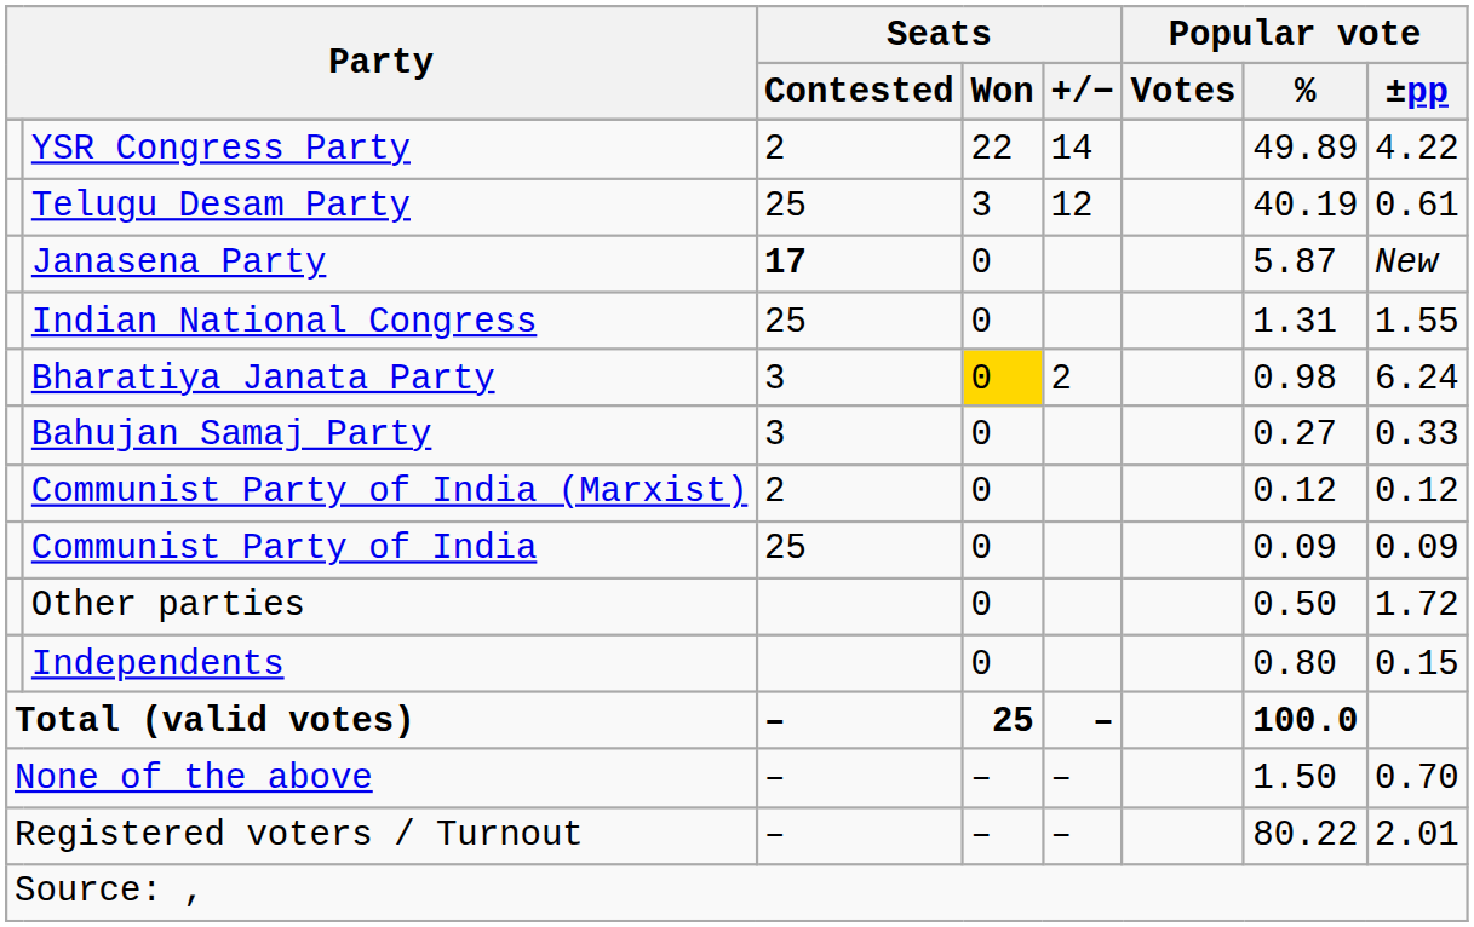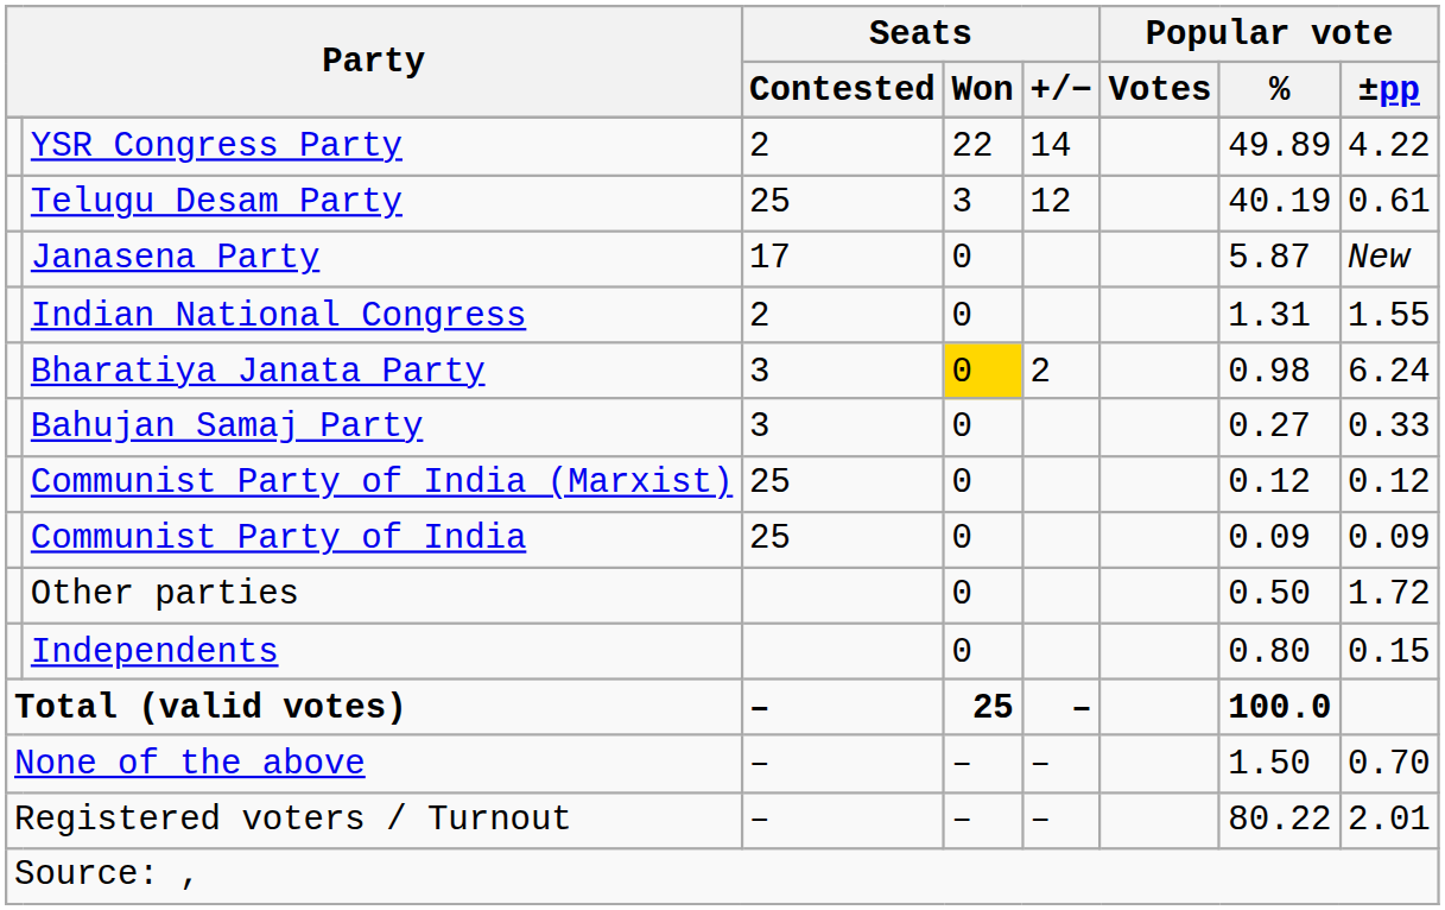 <table class="wikitable">
 <tr>
 <th colspan=2 rowspan="2">Party</th>
 <th colspan="3">Seats</th>
 <th colspan="3">Popular vote</th>
 </tr>
 <tr>
 <th>Contested</th>
 <th>Won</th>
 <th><strong>+/−</strong></th>
 <th>Votes</th>
 <th>%</th>
 <th>±<a href='#'>pp</a></th>
 </tr>
 <tr>
 </tr>
 <tr>
 <td style="background-color:"></td>
 <td style="text-align:left;"><a href='#'>YSR Congress Party</a></td>
 <td>2</td>
 <td>22</td>
 <td>14</td>
 <td></td>
 <td>49.89</td>
 <td>4.22</td>
 </tr>
 <tr>
 <td style="background-color:"></td>
 <td style="text-align:left;"><a href='#'>Telugu Desam Party</a></td>
 <td>25</td>
 <td>3</td>
 <td>12</td>
 <td></td>
 <td>40.19</td>
 <td>0.61</td>
 </tr>
 <tr>
 <td style="background-color:"></td>
 <td style="text-align:left;"><a href='#'>Janasena Party</a></td>
-<td><strong>17</strong></td>
+<td>17</td>
 <td>0</td>
 <td></td>
 <td></td>
 <td>5.87</td>
 <td><em>New</em></td>
 </tr>
 <tr>
 <td style="background-color:"></td>
 <td style="text-align:left;"><a href='#'>Indian National Congress</a></td>
-<td>25</td>
+<td>2</td>
 <td>0</td>
 <td></td>
 <td></td>
 <td>1.31</td>
 <td>1.55</td>
 </tr>
 <tr>
 <td style="background-color:"></td>
 <td style="text-align:left;"><a href='#'>Bharatiya Janata Party</a></td>
 <td>3</td>
 <td style="background: gold;">0</td>
 <td>2</td>
 <td></td>
 <td>0.98</td>
 <td>6.24</td>
 </tr>
 <tr>
 <td style="background-color:"></td>
 <td style="text-align:left;"><a href='#'>Bahujan Samaj Party</a></td>
 <td>3</td>
 <td>0</td>
 <td></td>
 <td></td>
 <td>0.27</td>
 <td>0.33</td>
 </tr>
 <tr>
 <td style="background-color:"></td>
 <td style="text-align:left;"><a href='#'>Communist Party of India (Marxist)</a></td>
-<td>2</td>
+<td>25</td>
 <td>0</td>
 <td></td>
 <td></td>
 <td>0.12</td>
 <td>0.12</td>
 </tr>
 <tr>
 <td style="background-color:"></td>
 <td style="text-align:left;"><a href='#'>Communist Party of India</a></td>
 <td>25</td>
 <td>0</td>
 <td></td>
 <td></td>
 <td>0.09</td>
 <td>0.09</td>
 </tr>
 <tr>
 <td style="background-color:"></td>
 <td style="text-align:left;">Other parties</td>
 <td></td>
 <td>0</td>
 <td></td>
 <td></td>
 <td>0.50</td>
 <td>1.72</td>
 </tr>
 <tr>
 <td style="background-color:"></td>
 <td style="text-align:left;"><a href='#'>Independents</a></td>
 <td></td>
 <td>0</td>
 <td></td>
 <td></td>
 <td>0.80</td>
 <td>0.15</td>
 </tr>
 <tr style="font-weight:bold;">
 <td colspan=2 style="text-align:left">Total (valid votes)</td>
 <td>–</td>
 <td align="right">25</td>
 <td align="right">–</td>
 <td></td>
 <td>100.0</td>
 <td></td>
 </tr>
 <tr>
 <td colspan=2 style="text-align:left;"><a href='#'>None of the above</a></td>
 <td>–</td>
 <td>–</td>
 <td>–</td>
 <td></td>
 <td>1.50</td>
 <td>0.70</td>
 </tr>
 <tr>
 <td colspan=2 style="text-align:left;">Registered voters / Turnout</td>
 <td>–</td>
 <td>–</td>
 <td>–</td>
 <td></td>
 <td>80.22</td>
 <td>2.01</td>
 </tr>
 <tr>
 <td colspan="8" align="left">Source: , </td>
 </tr>
 </table>
